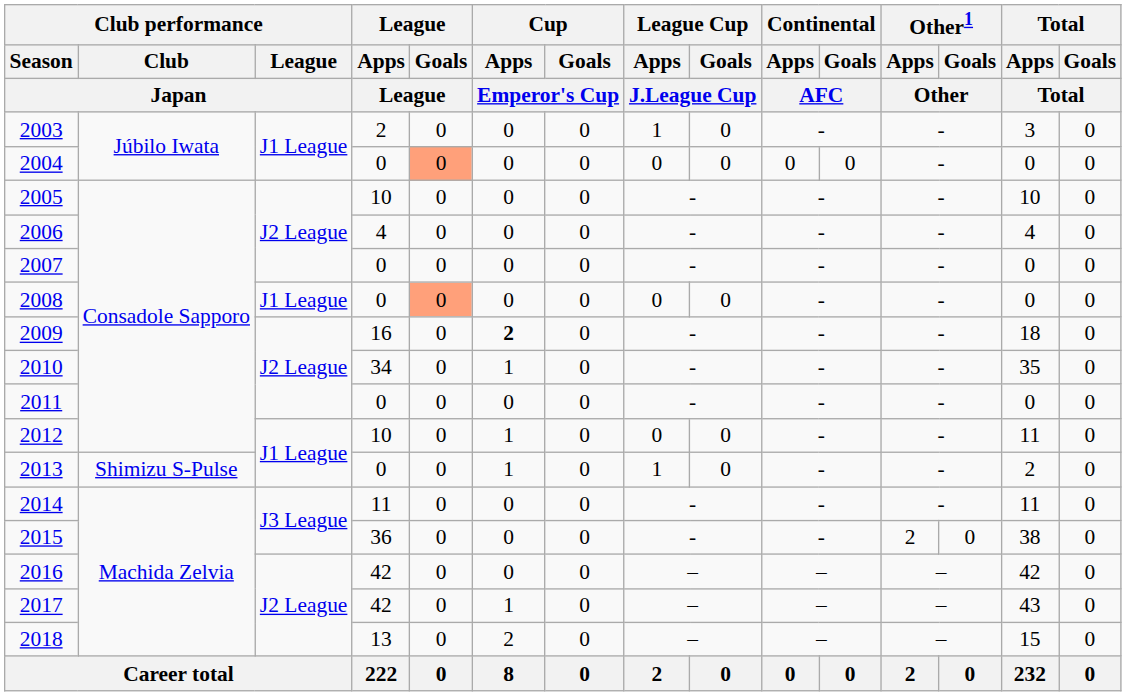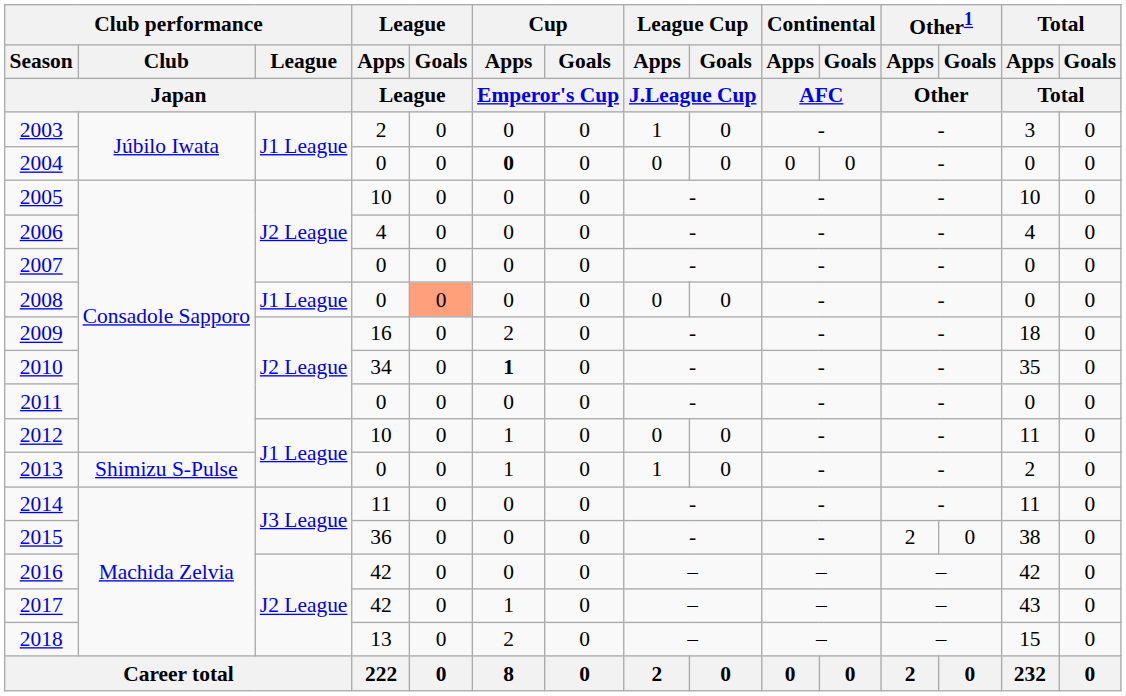 <table class="wikitable" style="text-align:center">
 <tr>
 <th colspan=3>Club performance</th>
 <th colspan=2>League</th>
 <th colspan=2>Cup</th>
 <th colspan=2>League Cup</th>
 <th colspan=2>Continental</th>
 <th colspan="2">Other<sup><a href='#'>1</a></sup></th>
 <th colspan=2>Total</th>
 </tr>
 <tr>
 <th>Season</th>
 <th>Club</th>
 <th>League</th>
 <th>Apps</th>
 <th>Goals</th>
 <th>Apps</th>
 <th>Goals</th>
 <th>Apps</th>
 <th>Goals</th>
 <th>Apps</th>
 <th>Goals</th>
 <th>Apps</th>
 <th>Goals</th>
 <th>Apps</th>
 <th>Goals</th>
 </tr>
 <tr>
 <th colspan=3>Japan</th>
 <th colspan=2>League</th>
 <th colspan=2><a href='#'>Emperor's Cup</a></th>
 <th colspan=2><a href='#'>J.League Cup</a></th>
 <th colspan=2><a href='#'>AFC</a></th>
 <th colspan=2>Other</th>
 <th colspan=2>Total</th>
 </tr>
 <tr>
 <td><a href='#'>2003</a></td>
 <td rowspan="2"><a href='#'>Júbilo Iwata</a></td>
 <td rowspan="2"><a href='#'>J1 League</a></td>
 <td>2</td>
 <td>0</td>
 <td>0</td>
 <td>0</td>
 <td>1</td>
 <td>0</td>
 <td colspan="2">-</td>
 <td colspan="2">-</td>
 <td>3</td>
 <td>0</td>
 </tr>
 <tr>
 <td><a href='#'>2004</a></td>
 <td>0</td>
-<td style="background: lightsalmon;">0</td>
 <td>0</td>
+<td><strong>0</strong></td>
 <td>0</td>
 <td>0</td>
 <td>0</td>
 <td>0</td>
 <td>0</td>
 <td colspan="2">-</td>
 <td>0</td>
 <td>0</td>
 </tr>
 <tr>
 <td><a href='#'>2005</a></td>
 <td rowspan="8"><a href='#'>Consadole Sapporo</a></td>
 <td rowspan="3"><a href='#'>J2 League</a></td>
 <td>10</td>
 <td>0</td>
 <td>0</td>
 <td>0</td>
 <td colspan="2">-</td>
 <td colspan="2">-</td>
 <td colspan="2">-</td>
 <td>10</td>
 <td>0</td>
 </tr>
 <tr>
 <td><a href='#'>2006</a></td>
 <td>4</td>
 <td>0</td>
 <td>0</td>
 <td>0</td>
 <td colspan="2">-</td>
 <td colspan="2">-</td>
 <td colspan="2">-</td>
 <td>4</td>
 <td>0</td>
 </tr>
 <tr>
 <td><a href='#'>2007</a></td>
 <td>0</td>
 <td>0</td>
 <td>0</td>
 <td>0</td>
 <td colspan="2">-</td>
 <td colspan="2">-</td>
 <td colspan="2">-</td>
 <td>0</td>
 <td>0</td>
 </tr>
 <tr>
 <td><a href='#'>2008</a></td>
 <td><a href='#'>J1 League</a></td>
 <td>0</td>
 <td style="background: lightsalmon;">0</td>
 <td>0</td>
 <td>0</td>
 <td>0</td>
 <td>0</td>
 <td colspan="2">-</td>
 <td colspan="2">-</td>
 <td>0</td>
 <td>0</td>
 </tr>
 <tr>
 <td><a href='#'>2009</a></td>
 <td rowspan="3"><a href='#'>J2 League</a></td>
 <td>16</td>
 <td>0</td>
-<td><strong>2</strong></td>
+<td>2</td>
 <td>0</td>
 <td colspan="2">-</td>
 <td colspan="2">-</td>
 <td colspan="2">-</td>
 <td>18</td>
 <td>0</td>
 </tr>
 <tr>
 <td><a href='#'>2010</a></td>
 <td>34</td>
 <td>0</td>
-<td>1</td>
+<td><strong>1</strong></td>
 <td>0</td>
 <td colspan="2">-</td>
 <td colspan="2">-</td>
 <td colspan="2">-</td>
 <td>35</td>
 <td>0</td>
 </tr>
 <tr>
 <td><a href='#'>2011</a></td>
 <td>0</td>
 <td>0</td>
 <td>0</td>
 <td>0</td>
 <td colspan="2">-</td>
 <td colspan="2">-</td>
 <td colspan="2">-</td>
 <td>0</td>
 <td>0</td>
 </tr>
 <tr>
 <td><a href='#'>2012</a></td>
 <td rowspan="2"><a href='#'>J1 League</a></td>
 <td>10</td>
 <td>0</td>
 <td>1</td>
 <td>0</td>
 <td>0</td>
 <td>0</td>
 <td colspan="2">-</td>
 <td colspan="2">-</td>
 <td>11</td>
 <td>0</td>
 </tr>
 <tr>
 <td><a href='#'>2013</a></td>
 <td><a href='#'>Shimizu S-Pulse</a></td>
 <td>0</td>
 <td>0</td>
 <td>1</td>
 <td>0</td>
 <td>1</td>
 <td>0</td>
 <td colspan="2">-</td>
 <td colspan="2">-</td>
 <td>2</td>
 <td>0</td>
 </tr>
 <tr>
 <td><a href='#'>2014</a></td>
 <td rowspan="5"><a href='#'>Machida Zelvia</a></td>
 <td rowspan="2"><a href='#'>J3 League</a></td>
 <td>11</td>
 <td>0</td>
 <td>0</td>
 <td>0</td>
 <td colspan="2">-</td>
 <td colspan="2">-</td>
 <td colspan="2">-</td>
 <td>11</td>
 <td>0</td>
 </tr>
 <tr>
 <td><a href='#'>2015</a></td>
 <td>36</td>
 <td>0</td>
 <td>0</td>
 <td>0</td>
 <td colspan="2">-</td>
 <td colspan="2">-</td>
 <td>2</td>
 <td>0</td>
 <td>38</td>
 <td>0</td>
 </tr>
 <tr>
 <td><a href='#'>2016</a></td>
 <td rowspan="3"><a href='#'>J2 League</a></td>
 <td>42</td>
 <td>0</td>
 <td>0</td>
 <td>0</td>
 <td colspan="2">–</td>
 <td colspan="2">–</td>
 <td colspan="2">–</td>
 <td>42</td>
 <td>0</td>
 </tr>
 <tr>
 <td><a href='#'>2017</a></td>
 <td>42</td>
 <td>0</td>
 <td>1</td>
 <td>0</td>
 <td colspan="2">–</td>
 <td colspan="2">–</td>
 <td colspan="2">–</td>
 <td>43</td>
 <td>0</td>
 </tr>
 <tr>
 <td><a href='#'>2018</a></td>
 <td>13</td>
 <td>0</td>
 <td>2</td>
 <td>0</td>
 <td colspan="2">–</td>
 <td colspan="2">–</td>
 <td colspan="2">–</td>
 <td>15</td>
 <td>0</td>
 </tr>
 <tr>
 <th colspan=3>Career total</th>
 <th>222</th>
 <th>0</th>
 <th>8</th>
 <th>0</th>
 <th>2</th>
 <th>0</th>
 <th>0</th>
 <th>0</th>
 <th>2</th>
 <th>0</th>
 <th>232</th>
 <th>0</th>
 </tr>
 </table>
